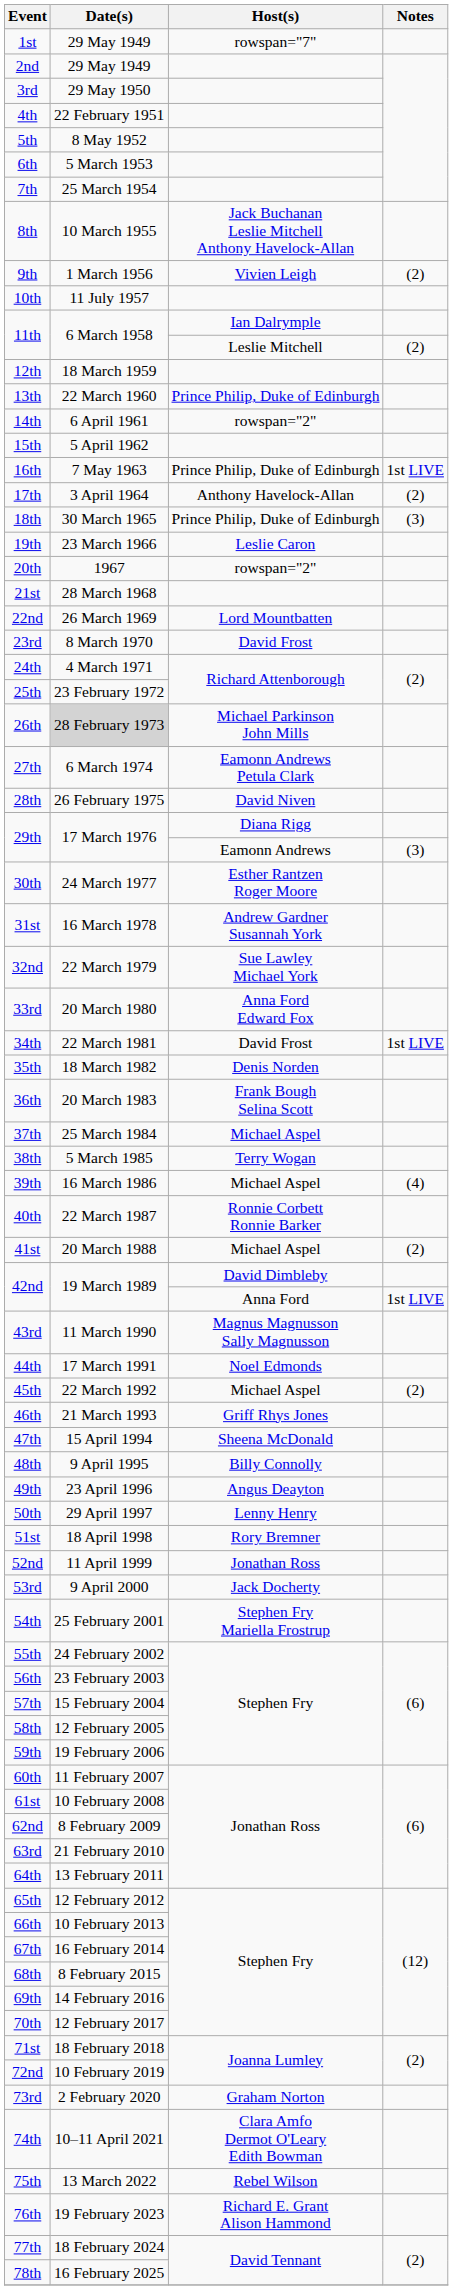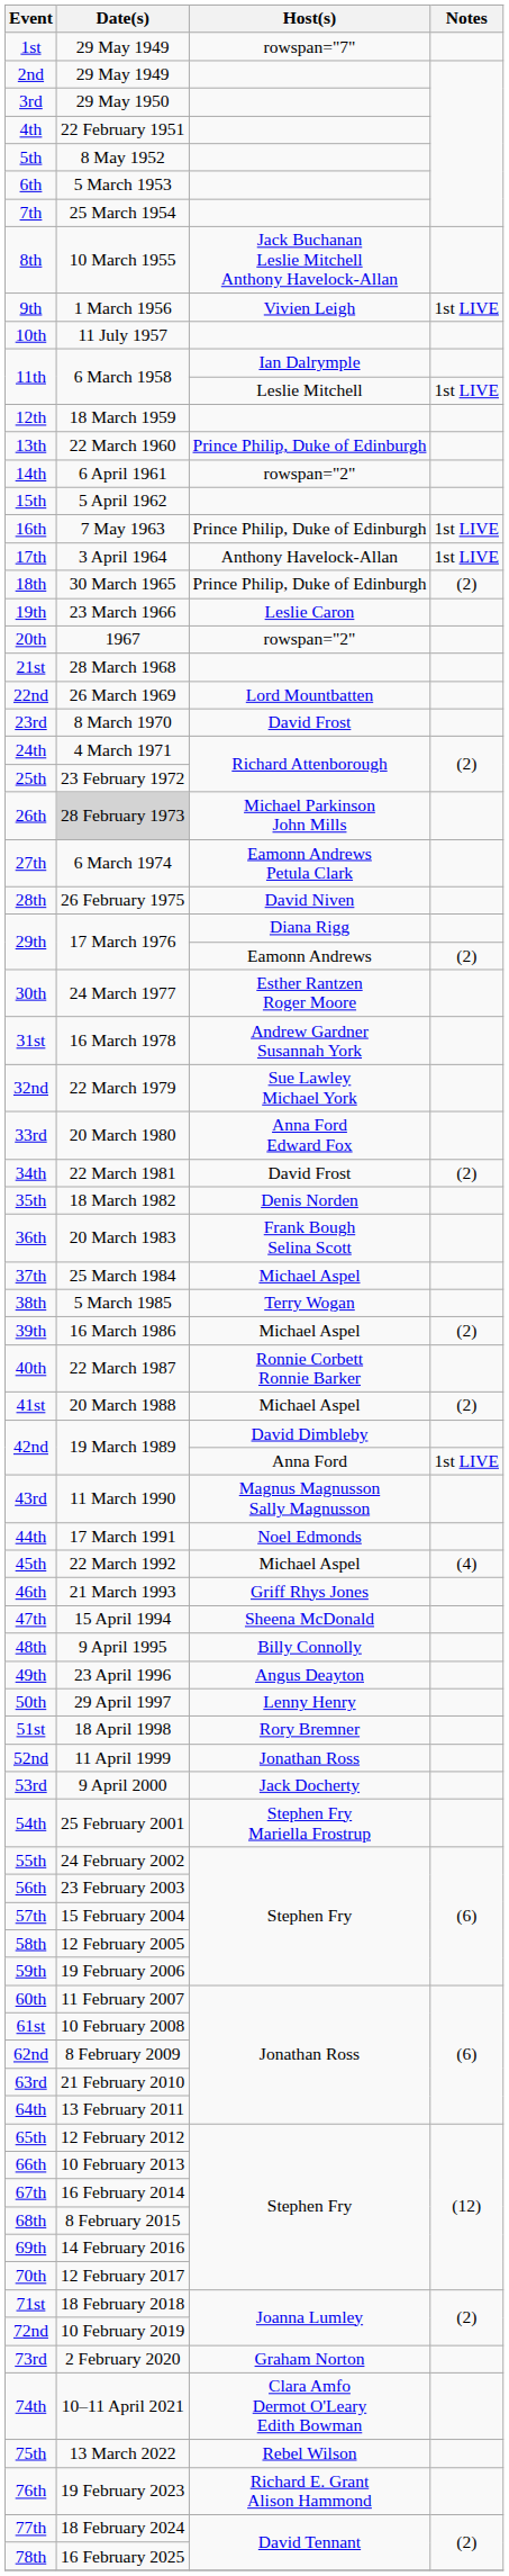 <table class="wikitable" style="text-align:center; font-size:100%">
 <tr>
 <th>Event</th>
 <th>Date(s)</th>
 <th>Host(s)</th>
 <th>Notes</th>
 </tr>
 <tr>
 <td><a href='#'>1st</a></td>
 <td>29 May 1949</td>
 <td>rowspan="7" </td>
 <td></td>
 </tr>
 <tr>
 <td><a href='#'>2nd</a></td>
 <td>29 May 1949</td>
 <td></td>
 </tr>
 <tr>
 <td><a href='#'>3rd</a></td>
 <td>29 May 1950</td>
 <td></td>
 </tr>
 <tr>
 <td><a href='#'>4th</a></td>
 <td>22 February 1951</td>
 <td></td>
 </tr>
 <tr>
 <td><a href='#'>5th</a></td>
 <td>8 May 1952</td>
 <td></td>
 </tr>
 <tr>
 <td><a href='#'>6th</a></td>
 <td>5 March 1953</td>
 <td></td>
 </tr>
 <tr>
 <td><a href='#'>7th</a></td>
 <td>25 March 1954</td>
 <td></td>
 </tr>
 <tr>
 <td><a href='#'>8th</a></td>
 <td>10 March 1955</td>
 <td><a href='#'>Jack Buchanan</a> <br> <a href='#'>Leslie Mitchell</a> <br> <a href='#'>Anthony Havelock-Allan</a></td>
 <td></td>
 </tr>
 <tr>
 <td><a href='#'>9th</a></td>
 <td>1 March 1956</td>
 <td><a href='#'>Vivien Leigh</a></td>
-<td>(2)</td>
+<td>1st <a href='#'>LIVE</a></td>
 </tr>
 <tr>
 <td><a href='#'>10th</a></td>
 <td>11 July 1957</td>
 <td></td>
 <td></td>
 </tr>
 <tr>
 <td rowspan="2"><a href='#'>11th</a></td>
 <td rowspan="2">6 March 1958</td>
 <td><a href='#'>Ian Dalrymple</a></td>
 <td></td>
 </tr>
 <tr>
 <td>Leslie Mitchell</td>
-<td>(2)</td>
+<td>1st <a href='#'>LIVE</a></td>
 </tr>
 <tr>
 <td><a href='#'>12th</a></td>
 <td>18 March 1959</td>
 <td></td>
 <td></td>
 </tr>
 <tr>
 <td><a href='#'>13th</a></td>
 <td>22 March 1960</td>
 <td><a href='#'>Prince Philip, Duke of Edinburgh</a></td>
 <td></td>
 </tr>
 <tr>
 <td><a href='#'>14th</a></td>
 <td>6 April 1961</td>
 <td>rowspan="2" </td>
 <td></td>
 </tr>
 <tr>
 <td><a href='#'>15th</a></td>
 <td>5 April 1962</td>
 <td></td>
 </tr>
 <tr>
 <td><a href='#'>16th</a></td>
 <td>7 May 1963</td>
 <td>Prince Philip, Duke of Edinburgh</td>
 <td>1st <a href='#'>LIVE</a></td>
 </tr>
 <tr>
 <td><a href='#'>17th</a></td>
 <td>3 April 1964</td>
 <td>Anthony Havelock-Allan</td>
-<td>(2)</td>
+<td>1st <a href='#'>LIVE</a></td>
 </tr>
 <tr>
 <td><a href='#'>18th</a></td>
 <td>30 March 1965</td>
 <td>Prince Philip, Duke of Edinburgh</td>
-<td>(3)</td>
+<td>(2)</td>
 </tr>
 <tr>
 <td><a href='#'>19th</a></td>
 <td>23 March 1966</td>
 <td><a href='#'>Leslie Caron</a></td>
 <td></td>
 </tr>
 <tr>
 <td><a href='#'>20th</a></td>
 <td>1967</td>
 <td>rowspan="2" </td>
 <td></td>
 </tr>
 <tr>
 <td><a href='#'>21st</a></td>
 <td>28 March 1968</td>
 <td></td>
 </tr>
 <tr>
 <td><a href='#'>22nd</a></td>
 <td>26 March 1969</td>
 <td><a href='#'>Lord Mountbatten</a></td>
 <td></td>
 </tr>
 <tr>
 <td><a href='#'>23rd</a></td>
 <td>8 March 1970</td>
 <td><a href='#'>David Frost</a></td>
 <td></td>
 </tr>
 <tr>
 <td><a href='#'>24th</a></td>
 <td>4 March 1971</td>
 <td rowspan="2"><a href='#'>Richard Attenborough</a></td>
 <td rowspan="2">(2)</td>
 </tr>
 <tr>
 <td><a href='#'>25th</a></td>
 <td>23 February 1972</td>
 </tr>
 <tr>
 <td><a href='#'>26th</a></td>
 <td style="background: lightgrey;">28 February 1973</td>
 <td><a href='#'>Michael Parkinson</a> <br> <a href='#'>John Mills</a></td>
 <td></td>
 </tr>
 <tr>
 <td><a href='#'>27th</a></td>
 <td>6 March 1974</td>
 <td><a href='#'>Eamonn Andrews</a> <br> <a href='#'>Petula Clark</a></td>
 <td></td>
 </tr>
 <tr>
 <td><a href='#'>28th</a></td>
 <td>26 February 1975</td>
 <td><a href='#'>David Niven</a></td>
 <td></td>
 </tr>
 <tr>
 <td rowspan="2"><a href='#'>29th</a></td>
 <td rowspan="2">17 March 1976</td>
 <td><a href='#'>Diana Rigg</a></td>
 <td></td>
 </tr>
 <tr>
 <td>Eamonn Andrews</td>
-<td>(3)</td>
+<td>(2)</td>
 </tr>
 <tr>
 <td><a href='#'>30th</a></td>
 <td>24 March 1977</td>
 <td><a href='#'>Esther Rantzen</a> <br> <a href='#'>Roger Moore</a></td>
 <td></td>
 </tr>
 <tr>
 <td><a href='#'>31st</a></td>
 <td>16 March 1978</td>
 <td><a href='#'>Andrew Gardner</a> <br> <a href='#'>Susannah York</a></td>
 <td></td>
 </tr>
 <tr>
 <td><a href='#'>32nd</a></td>
 <td>22 March 1979</td>
 <td><a href='#'>Sue Lawley</a> <br> <a href='#'>Michael York</a></td>
 <td></td>
 </tr>
 <tr>
 <td><a href='#'>33rd</a></td>
 <td>20 March 1980</td>
 <td><a href='#'>Anna Ford</a> <br> <a href='#'>Edward Fox</a></td>
 <td></td>
 </tr>
 <tr>
 <td><a href='#'>34th</a></td>
 <td>22 March 1981</td>
 <td>David Frost</td>
-<td>1st <a href='#'>LIVE</a></td>
+<td>(2)</td>
 </tr>
 <tr>
 <td><a href='#'>35th</a></td>
 <td>18 March 1982</td>
 <td><a href='#'>Denis Norden</a></td>
 <td></td>
 </tr>
 <tr>
 <td><a href='#'>36th</a></td>
 <td>20 March 1983</td>
 <td><a href='#'>Frank Bough</a> <br> <a href='#'>Selina Scott</a></td>
 <td></td>
 </tr>
 <tr>
 <td><a href='#'>37th</a></td>
 <td>25 March 1984</td>
 <td><a href='#'>Michael Aspel</a></td>
 <td></td>
 </tr>
 <tr>
 <td><a href='#'>38th</a></td>
 <td>5 March 1985</td>
 <td><a href='#'>Terry Wogan</a></td>
 <td></td>
 </tr>
 <tr>
 <td><a href='#'>39th</a></td>
 <td>16 March 1986</td>
 <td>Michael Aspel</td>
-<td>(4)</td>
+<td>(2)</td>
 </tr>
 <tr>
 <td><a href='#'>40th</a></td>
 <td>22 March 1987</td>
 <td><a href='#'>Ronnie Corbett</a> <br> <a href='#'>Ronnie Barker</a></td>
 <td></td>
 </tr>
 <tr>
 <td><a href='#'>41st</a></td>
 <td>20 March 1988</td>
 <td>Michael Aspel</td>
 <td>(2)</td>
 </tr>
 <tr>
 <td rowspan="2"><a href='#'>42nd</a></td>
 <td rowspan="2">19 March 1989</td>
 <td><a href='#'>David Dimbleby</a></td>
 <td></td>
 </tr>
 <tr>
 <td>Anna Ford</td>
 <td>1st <a href='#'>LIVE</a></td>
 </tr>
 <tr>
 <td><a href='#'>43rd</a></td>
 <td>11 March 1990</td>
 <td><a href='#'>Magnus Magnusson</a> <br> <a href='#'>Sally Magnusson</a></td>
 <td></td>
 </tr>
 <tr>
 <td><a href='#'>44th</a></td>
 <td>17 March 1991</td>
 <td><a href='#'>Noel Edmonds</a></td>
 <td></td>
 </tr>
 <tr>
 <td><a href='#'>45th</a></td>
 <td>22 March 1992</td>
 <td>Michael Aspel</td>
-<td>(2)</td>
+<td>(4)</td>
 </tr>
 <tr>
 <td><a href='#'>46th</a></td>
 <td>21 March 1993</td>
 <td><a href='#'>Griff Rhys Jones</a></td>
 <td></td>
 </tr>
 <tr>
 <td><a href='#'>47th</a></td>
 <td>15 April 1994</td>
 <td><a href='#'>Sheena McDonald</a></td>
 <td></td>
 </tr>
 <tr>
 <td><a href='#'>48th</a></td>
 <td>9 April 1995</td>
 <td><a href='#'>Billy Connolly</a></td>
 <td></td>
 </tr>
 <tr>
 <td><a href='#'>49th</a></td>
 <td>23 April 1996</td>
 <td><a href='#'>Angus Deayton</a></td>
 <td></td>
 </tr>
 <tr>
 <td><a href='#'>50th</a></td>
 <td>29 April 1997</td>
 <td><a href='#'>Lenny Henry</a></td>
 <td></td>
 </tr>
 <tr>
 <td><a href='#'>51st</a></td>
 <td>18 April 1998</td>
 <td><a href='#'>Rory Bremner</a></td>
 <td></td>
 </tr>
 <tr>
 <td><a href='#'>52nd</a></td>
 <td>11 April 1999</td>
 <td><a href='#'>Jonathan Ross</a></td>
 <td></td>
 </tr>
 <tr>
 <td><a href='#'>53rd</a></td>
 <td>9 April 2000</td>
 <td><a href='#'>Jack Docherty</a></td>
 <td></td>
 </tr>
 <tr>
 <td><a href='#'>54th</a></td>
 <td>25 February 2001</td>
 <td><a href='#'>Stephen Fry</a> <br> <a href='#'>Mariella Frostrup</a></td>
 <td></td>
 </tr>
 <tr>
 <td><a href='#'>55th</a></td>
 <td>24 February 2002</td>
 <td rowspan="5">Stephen Fry</td>
 <td rowspan="5">(6)</td>
 </tr>
 <tr>
 <td><a href='#'>56th</a></td>
 <td>23 February 2003</td>
 </tr>
 <tr>
 <td><a href='#'>57th</a></td>
 <td>15 February 2004</td>
 </tr>
 <tr>
 <td><a href='#'>58th</a></td>
 <td>12 February 2005</td>
 </tr>
 <tr>
 <td><a href='#'>59th</a></td>
 <td>19 February 2006</td>
 </tr>
 <tr>
 <td><a href='#'>60th</a></td>
 <td>11 February 2007</td>
 <td rowspan="5">Jonathan Ross</td>
 <td rowspan="5">(6)</td>
 </tr>
 <tr>
 <td><a href='#'>61st</a></td>
 <td>10 February 2008</td>
 </tr>
 <tr>
 <td><a href='#'>62nd</a></td>
 <td>8 February 2009</td>
 </tr>
 <tr>
 <td><a href='#'>63rd</a></td>
 <td>21 February 2010</td>
 </tr>
 <tr>
 <td><a href='#'>64th</a></td>
 <td>13 February 2011</td>
 </tr>
 <tr>
 <td><a href='#'>65th</a></td>
 <td>12 February 2012</td>
 <td rowspan="6">Stephen Fry</td>
 <td rowspan="6">(12)</td>
 </tr>
 <tr>
 <td><a href='#'>66th</a></td>
 <td>10 February 2013</td>
 </tr>
 <tr>
 <td><a href='#'>67th</a></td>
 <td>16 February 2014</td>
 </tr>
 <tr>
 <td><a href='#'>68th</a></td>
 <td>8 February 2015</td>
 </tr>
 <tr>
 <td><a href='#'>69th</a></td>
 <td>14 February 2016</td>
 </tr>
 <tr>
 <td><a href='#'>70th</a></td>
 <td>12 February 2017</td>
 </tr>
 <tr>
 <td><a href='#'>71st</a></td>
 <td>18 February 2018</td>
 <td rowspan="2"><a href='#'>Joanna Lumley</a></td>
 <td rowspan="2">(2)</td>
 </tr>
 <tr>
 <td><a href='#'>72nd</a></td>
 <td>10 February 2019</td>
 </tr>
 <tr>
 <td><a href='#'>73rd</a></td>
 <td>2 February 2020</td>
 <td><a href='#'>Graham Norton</a></td>
 <td></td>
 </tr>
 <tr>
 <td><a href='#'>74th</a></td>
 <td>10–11 April 2021</td>
 <td><a href='#'>Clara Amfo</a> <br> <a href='#'>Dermot O'Leary</a> <br> <a href='#'>Edith Bowman</a></td>
 <td></td>
 </tr>
 <tr>
 <td><a href='#'>75th</a></td>
 <td>13 March 2022</td>
 <td><a href='#'>Rebel Wilson</a></td>
 <td></td>
 </tr>
 <tr>
 <td><a href='#'>76th</a></td>
 <td>19 February 2023</td>
 <td><a href='#'>Richard E. Grant</a> <br> <a href='#'>Alison Hammond</a></td>
 <td></td>
 </tr>
 <tr>
 <td><a href='#'>77th</a></td>
 <td>18 February 2024</td>
 <td rowspan="2"><a href='#'>David Tennant</a></td>
 <td rowspan="2">(2)</td>
 </tr>
 <tr>
 <td><a href='#'>78th</a></td>
 <td>16 February 2025</td>
 </tr>
 <tr>
 </tr>
 </table>
